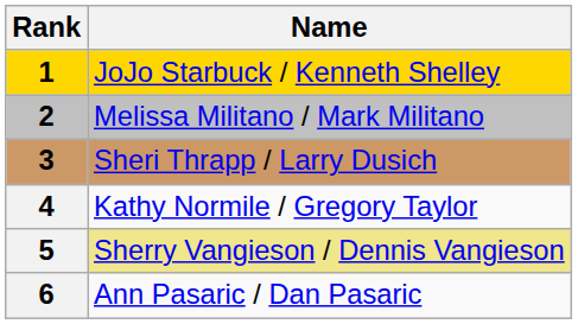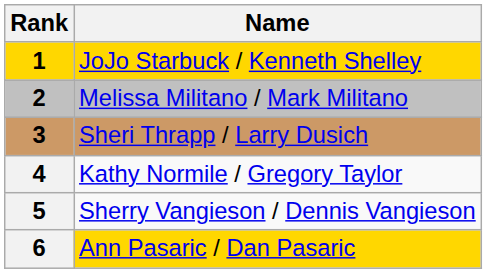 <table class="wikitable">
 <tr>
 <th>Rank</th>
 <th>Name</th>
 </tr>
 <tr bgcolor="gold">
 <td align="center"><strong>1</strong></td>
 <td><a href='#'>JoJo Starbuck</a> / <a href='#'>Kenneth Shelley</a></td>
 </tr>
 <tr bgcolor="silver">
 <td align="center"><strong>2</strong></td>
 <td><a href='#'>Melissa Militano</a> / <a href='#'>Mark Militano</a></td>
 </tr>
 <tr bgcolor="cc9966">
 <td align="center"><strong>3</strong></td>
 <td><a href='#'>Sheri Thrapp</a> / <a href='#'>Larry Dusich</a></td>
 </tr>
 <tr>
 <th>4</th>
 <td><a href='#'>Kathy Normile</a> / <a href='#'>Gregory Taylor</a></td>
 </tr>
 <tr>
 <th>5</th>
-<td style="background: khaki;"><a href='#'>Sherry Vangieson</a> / <a href='#'>Dennis Vangieson</a></td>
+<td><a href='#'>Sherry Vangieson</a> / <a href='#'>Dennis Vangieson</a></td>
 </tr>
 <tr>
 <th>6</th>
-<td><a href='#'>Ann Pasaric</a> / <a href='#'>Dan Pasaric</a></td>
+<td style="background: gold;"><a href='#'>Ann Pasaric</a> / <a href='#'>Dan Pasaric</a></td>
 </tr>
 </table>
